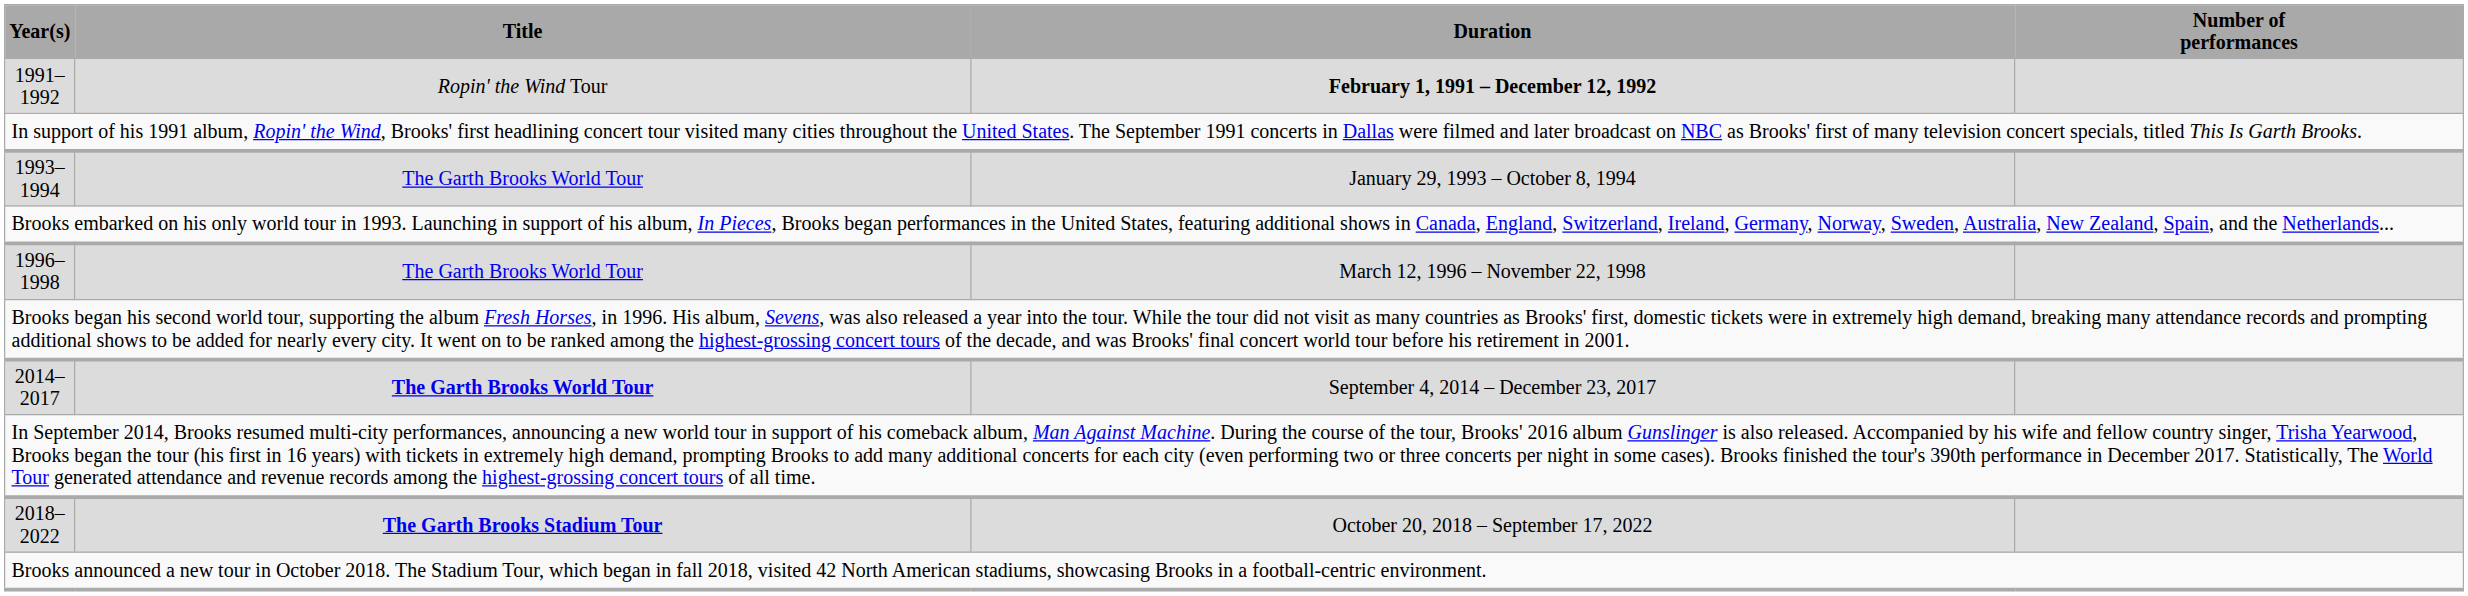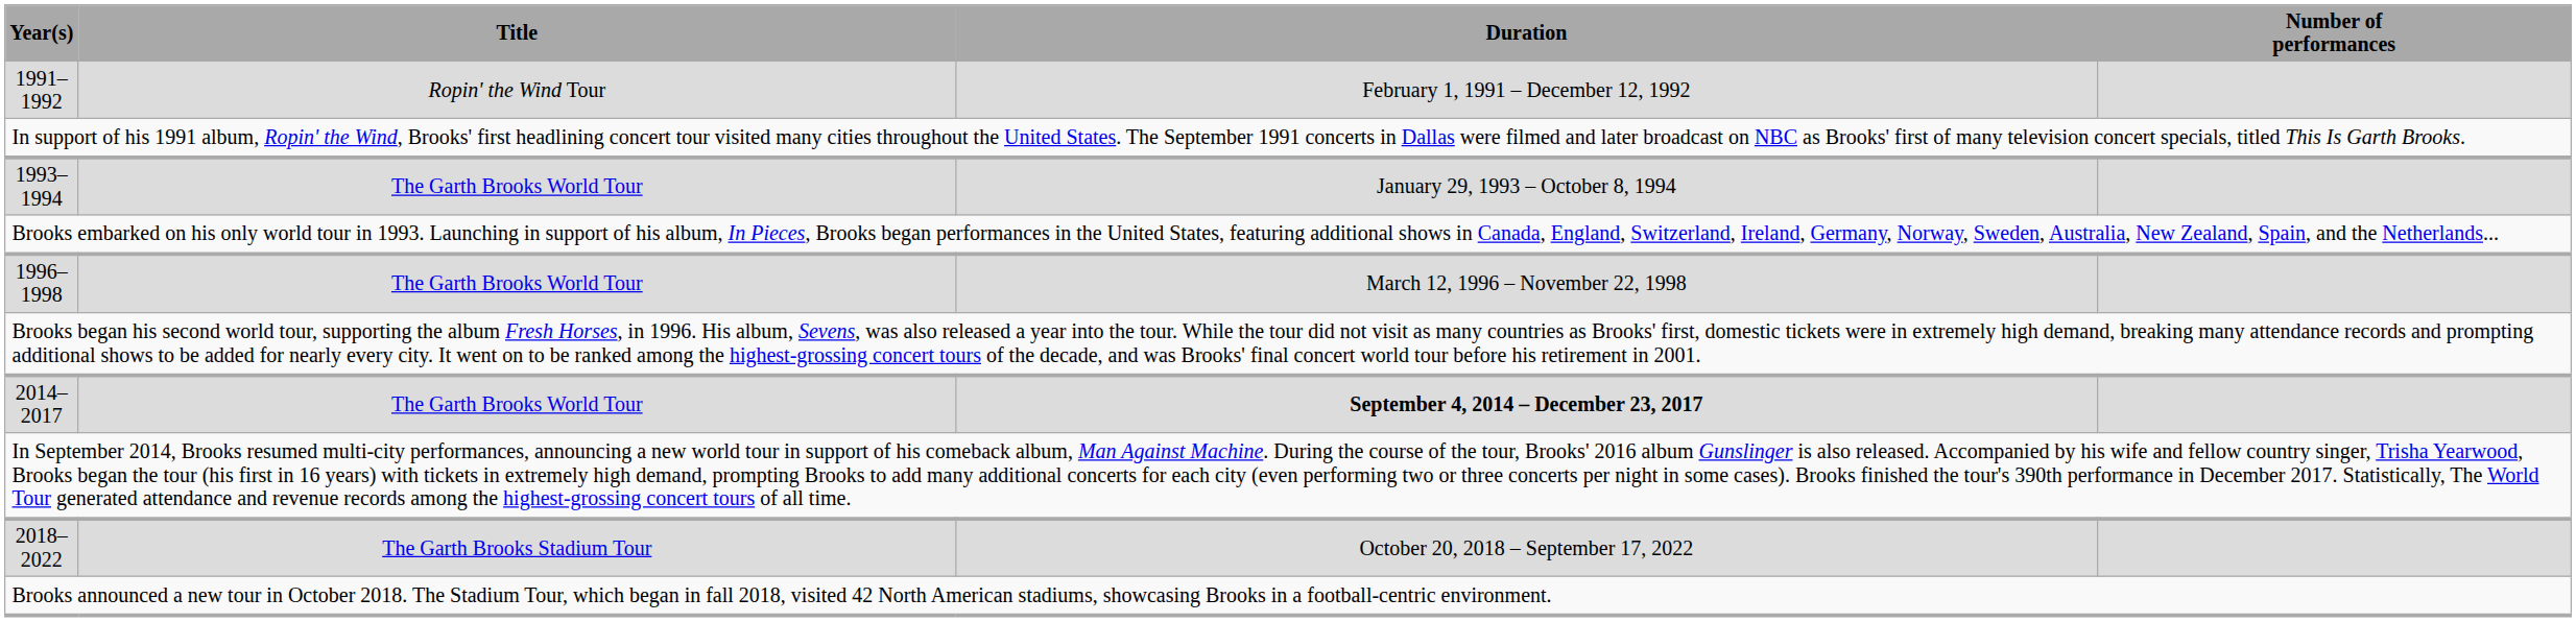 <table class="wikitable">
 <tr>
 <th style="background:darkGrey;">Year(s)</th>
 <th style="background:darkGrey;">Title</th>
 <th style="background:darkGrey;">Duration</th>
 <th style="background:darkGrey;">Number of<br>performances</th>
 </tr>
 <tr style="background:#dcdcdc;">
 <td style="text-align:center;">1991–1992</td>
 <td style="background:#dcdcdc; text-align:center;"><em>Ropin' the Wind</em> Tour</td>
-<td style="background:#dcdcdc; text-align:center;"><strong>February 1, 1991 – December 12, 1992</strong></td>
+<td style="background:#dcdcdc; text-align:center;">February 1, 1991 – December 12, 1992</td>
 <td style="background:#dcdcdc;"></td>
 </tr>
 <tr>
 <td colspan="4" style="border-bottom-width:3px; padding:5px;">In support of his 1991 album, <em><a href='#'>Ropin' the Wind</a></em>, Brooks' first headlining concert tour visited many cities throughout the <a href='#'>United States</a>. The September 1991 concerts in <a href='#'>Dallas</a> were filmed and later broadcast on <a href='#'>NBC</a> as Brooks' first of many television concert specials, titled <em>This Is Garth Brooks</em>.</td>
 </tr>
 <tr>
 <td style="text-align:center; background:#dcdcdc; width:5px;;">1993–1994</td>
 <td style="background:#dcdcdc; text-align:center;"><a href='#'>The Garth Brooks World Tour</a></td>
 <td style="background:#dcdcdc; text-align:center;">January 29, 1993 – October 8, 1994</td>
 <td style="background:#dcdcdc;"></td>
 </tr>
 <tr>
 <td colspan="4" style="border-bottom-width:3px; padding:5px;">Brooks embarked on his only world tour in 1993. Launching in support of his album, <em><a href='#'>In Pieces</a></em>, Brooks began performances in the United States, featuring additional shows in <a href='#'>Canada</a>, <a href='#'>England</a>, <a href='#'>Switzerland</a>, <a href='#'>Ireland</a>, <a href='#'>Germany</a>, <a href='#'>Norway</a>, <a href='#'>Sweden</a>, <a href='#'>Australia</a>, <a href='#'>New Zealand</a>, <a href='#'>Spain</a>, and the <a href='#'>Netherlands</a>...</td>
 </tr>
 <tr>
 <td style="background:#dcdcdc; text-align:center;">1996–1998</td>
 <td style="background:#dcdcdc; text-align:center;"><a href='#'>The Garth Brooks World Tour</a></td>
 <td style="background:#dcdcdc; text-align:center;">March 12, 1996 – November 22, 1998</td>
 <td style="background:#dcdcdc;"></td>
 </tr>
 <tr>
 <td colspan="4" style="border-bottom-width:3px; padding:5px;">Brooks began his second world tour, supporting the album <em><a href='#'>Fresh Horses</a></em>, in 1996. His album, <em><a href='#'>Sevens</a></em>, was also released a year into the tour. While the tour did not visit as many countries as Brooks' first, domestic tickets were in extremely high demand, breaking many attendance records and prompting additional shows to be added for nearly every city. It went on to be ranked among the <a href='#'>highest-grossing concert tours</a> of the decade, and was Brooks' final concert world tour before his retirement in 2001.</td>
 </tr>
 <tr style="background:#dcdcdc;">
 <td style="text-align:center;">2014–2017</td>
-<td style="background:#dcdcdc; text-align:center;"><strong><a href='#'>The Garth Brooks World Tour</a></strong></td>
-<td style="background:#dcdcdc; text-align:center;">September 4, 2014 – December 23, 2017</td>
+<td style="background:#dcdcdc; text-align:center;"><a href='#'>The Garth Brooks World Tour</a></td>
+<td style="background:#dcdcdc; text-align:center;"><strong>September 4, 2014 – December 23, 2017</strong></td>
 <td style="background:#dcdcdc;"></td>
 </tr>
 <tr>
 <td colspan="4" style="border-bottom-width:3px; padding:5px;">In September 2014, Brooks resumed multi-city performances, announcing a new world tour in support of his comeback album, <em><a href='#'>Man Against Machine</a></em>. During the course of the tour, Brooks' 2016 album <em><a href='#'>Gunslinger</a></em> is also released. Accompanied by his wife and fellow country singer, <a href='#'>Trisha Yearwood</a>, Brooks began the tour (his first in 16 years) with tickets in extremely high demand, prompting Brooks to add many additional concerts for each city (even performing two or three concerts per night in some cases). Brooks finished the tour's 390th performance in December 2017. Statistically, The <a href='#'>World Tour</a> generated attendance and revenue records among the <a href='#'>highest-grossing concert tours</a> of all time.</td>
 </tr>
 <tr style="background:#dcdcdc;">
 <td style="text-align:center;">2018–2022</td>
-<td style="background:#dcdcdc; text-align:center;"><strong><a href='#'>The Garth Brooks Stadium Tour</a></strong></td>
+<td style="background:#dcdcdc; text-align:center;"><a href='#'>The Garth Brooks Stadium Tour</a></td>
 <td style="background:#dcdcdc; text-align:center;">October 20, 2018 – September 17, 2022</td>
 <td style="background:#dcdcdc;"></td>
 </tr>
 <tr>
 <td colspan="4" style="border-bottom-width:3px; padding:5px;">Brooks announced a new tour in October 2018. The Stadium Tour, which began in fall 2018, visited 42 North American stadiums, showcasing Brooks in a football-centric environment.</td>
 </tr>
 </table>
